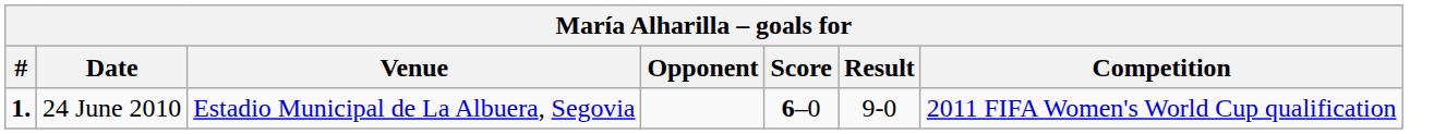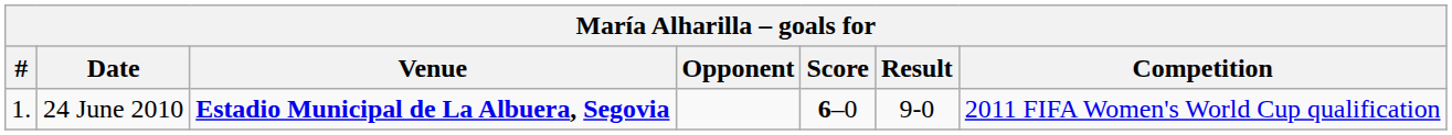 <table class="wikitable">
 <tr>
 <th colspan="7"><strong>María Alharilla – goals for </strong></th>
 </tr>
 <tr>
 <th>#</th>
 <th>Date</th>
 <th>Venue</th>
 <th>Opponent</th>
 <th>Score</th>
 <th>Result</th>
 <th>Competition</th>
 </tr>
 <tr>
-<td align="center"><strong>1.</strong></td>
+<td align="center">1.</td>
 <td>24 June 2010</td>
-<td><a href='#'>Estadio Municipal de La Albuera</a>, <a href='#'>Segovia</a></td>
+<td><strong><a href='#'>Estadio Municipal de La Albuera</a>, <a href='#'>Segovia</a></strong></td>
 <td></td>
 <td align=center><strong>6</strong>–0</td>
 <td align=center>9-0</td>
 <td><a href='#'>2011 FIFA Women's World Cup qualification</a></td>
 </tr>
 </table>
